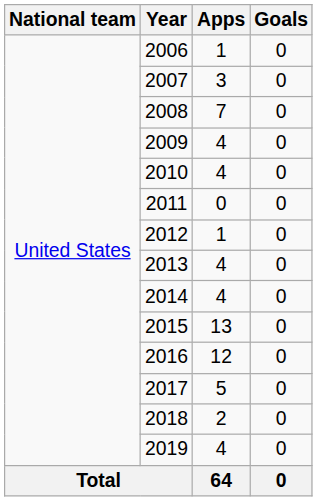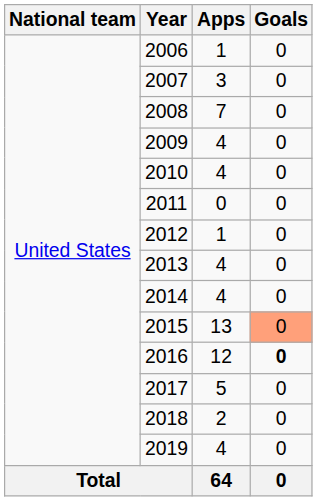 <table class="wikitable" style="text-align:center">
 <tr>
 <th>National team</th>
 <th>Year</th>
 <th>Apps</th>
 <th>Goals</th>
 </tr>
 <tr>
 <td rowspan="14"><a href='#'>United States</a></td>
 <td>2006</td>
 <td>1</td>
 <td>0</td>
 </tr>
 <tr>
 <td>2007</td>
 <td>3</td>
 <td>0</td>
 </tr>
 <tr>
 <td>2008</td>
 <td>7</td>
 <td>0</td>
 </tr>
 <tr>
 <td>2009</td>
 <td>4</td>
 <td>0</td>
 </tr>
 <tr>
 <td>2010</td>
 <td>4</td>
 <td>0</td>
 </tr>
 <tr>
 <td>2011</td>
 <td>0</td>
 <td>0</td>
 </tr>
 <tr>
 <td>2012</td>
 <td>1</td>
 <td>0</td>
 </tr>
 <tr>
 <td>2013</td>
 <td>4</td>
 <td>0</td>
 </tr>
 <tr>
 <td>2014</td>
 <td>4</td>
 <td>0</td>
 </tr>
 <tr>
 <td>2015</td>
 <td>13</td>
-<td>0</td>
+<td style="background: lightsalmon;">0</td>
 </tr>
 <tr>
 <td>2016</td>
 <td>12</td>
-<td>0</td>
+<td><strong>0</strong></td>
 </tr>
 <tr>
 <td>2017</td>
 <td>5</td>
 <td>0</td>
 </tr>
 <tr>
 <td>2018</td>
 <td>2</td>
 <td>0</td>
 </tr>
 <tr>
 <td>2019</td>
 <td>4</td>
 <td>0</td>
 </tr>
 <tr>
 <th colspan="2">Total</th>
 <th>64</th>
 <th>0</th>
 </tr>
 </table>
